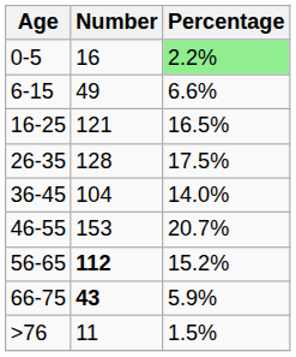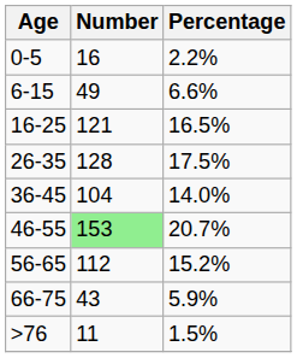 <table class="wikitable">
 <tr>
 <th>Age</th>
 <th>Number</th>
 <th>Percentage</th>
 </tr>
 <tr --->
 <td>0-5</td>
 <td>16</td>
-<td style="background: lightgreen;">2.2%</td>
+<td>2.2%</td>
 </tr>
 <tr --->
 <td>6-15</td>
 <td>49</td>
 <td>6.6%</td>
 </tr>
 <tr --->
 <td>16-25</td>
 <td>121</td>
 <td>16.5%</td>
 </tr>
 <tr --->
 <td>26-35</td>
 <td>128</td>
 <td>17.5%</td>
 </tr>
 <tr --->
 <td>36-45</td>
 <td>104</td>
 <td>14.0%</td>
 </tr>
 <tr --->
 <td>46-55</td>
-<td>153</td>
+<td style="background: lightgreen;">153</td>
 <td>20.7%</td>
 </tr>
 <tr --->
 <td>56-65</td>
-<td><strong>112</strong></td>
+<td>112</td>
 <td>15.2%</td>
 </tr>
 <tr --->
 <td>66-75</td>
-<td><strong>43</strong></td>
+<td>43</td>
 <td>5.9%</td>
 </tr>
 <tr --->
 <td>>76</td>
 <td>11</td>
 <td>1.5%</td>
 </tr>
 <tr --->
 </tr>
 </table>
